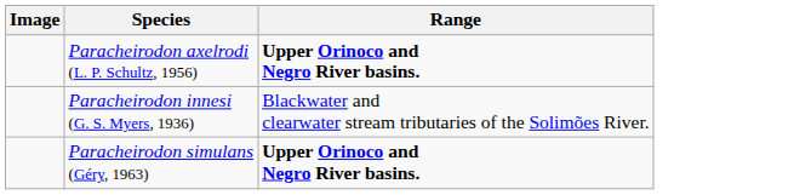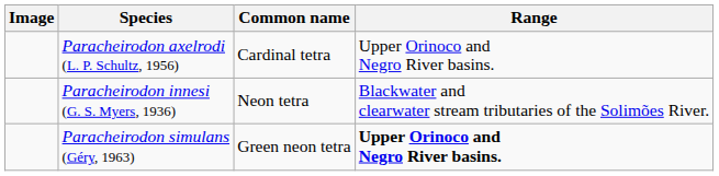 <table class="wikitable sortable">
 <tr>
 <th class="unsortable">Image</th>
 <th>Species</th>
+<th>Common name</th>
 <th>Range</th>
 </tr>
 <tr>
 <td></td>
 <td><em><a href='#'>Paracheirodon axelrodi</a></em><br><small>(<a href='#'>L. P. Schultz</a>, 1956)</small></td>
-<td><strong>Upper <a href='#'>Orinoco</a> and<br><a href='#'>Negro</a> River basins.</strong></td>
+<td>Cardinal tetra</td>
+<td>Upper <a href='#'>Orinoco</a> and<br><a href='#'>Negro</a> River basins.</td>
 </tr>
 <tr>
 <td></td>
 <td><em><a href='#'>Paracheirodon innesi</a></em><br><small>(<a href='#'>G. S. Myers</a>, 1936)</small></td>
+<td>Neon tetra</td>
 <td><a href='#'>Blackwater</a> and<br><a href='#'>clearwater</a> stream  tributaries of the  <a href='#'>Solimões</a> River.</td>
 </tr>
 <tr>
 <td></td>
 <td><em><a href='#'>Paracheirodon simulans</a></em><br><small>(<a href='#'>Géry</a>, 1963)</small></td>
+<td>Green neon tetra</td>
 <td><strong>Upper <a href='#'>Orinoco</a> and<br><a href='#'>Negro</a> River basins.</strong></td>
 </tr>
 </table>
